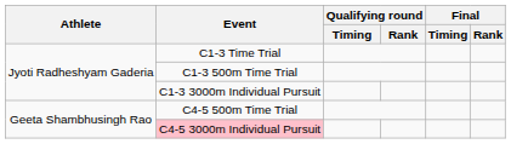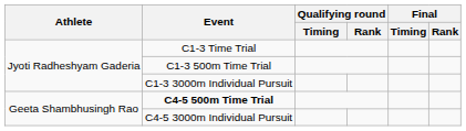 <table class="wikitable" style="text-align:center; font-size:90%">
 <tr>
 <th rowspan="2">Athlete</th>
 <th rowspan="2">Event</th>
 <th colspan="2">Qualifying round</th>
 <th colspan="2">Final</th>
 </tr>
 <tr>
 <th>Timing</th>
 <th>Rank</th>
 <th>Timing</th>
 <th>Rank</th>
 </tr>
 <tr>
 <td rowspan="3" align="left">Jyoti Radheshyam Gaderia</td>
 <td>C1-3 Time Trial</td>
 <td colspan="2"></td>
 <td></td>
 <td></td>
 </tr>
 <tr>
 <td>C1-3 500m Time Trial</td>
 <td colspan="2"></td>
 <td></td>
 <td></td>
 </tr>
 <tr>
 <td>C1-3 3000m Individual Pursuit</td>
 <td></td>
 <td></td>
 <td></td>
 <td></td>
 </tr>
 <tr>
 <td rowspan="2">Geeta Shambhusingh Rao</td>
-<td>C4-5 500m Time Trial</td>
+<td><strong>C4-5 500m Time Trial</strong></td>
 <td colspan="2"></td>
 <td></td>
 <td></td>
 </tr>
 <tr>
-<td style="background: pink;">C4-5 3000m Individual Pursuit</td>
+<td>C4-5 3000m Individual Pursuit</td>
 <td></td>
 <td></td>
 <td></td>
 <td></td>
 </tr>
 </table>
